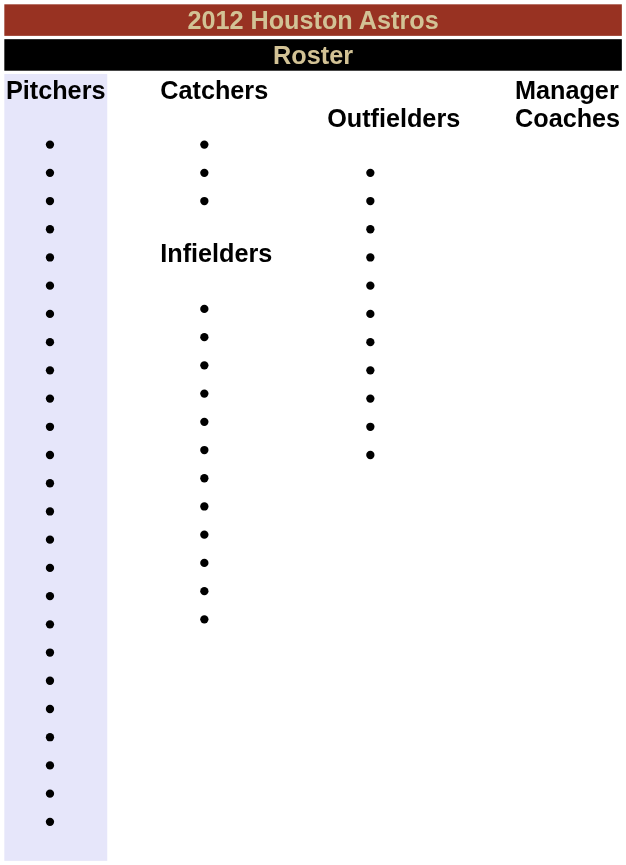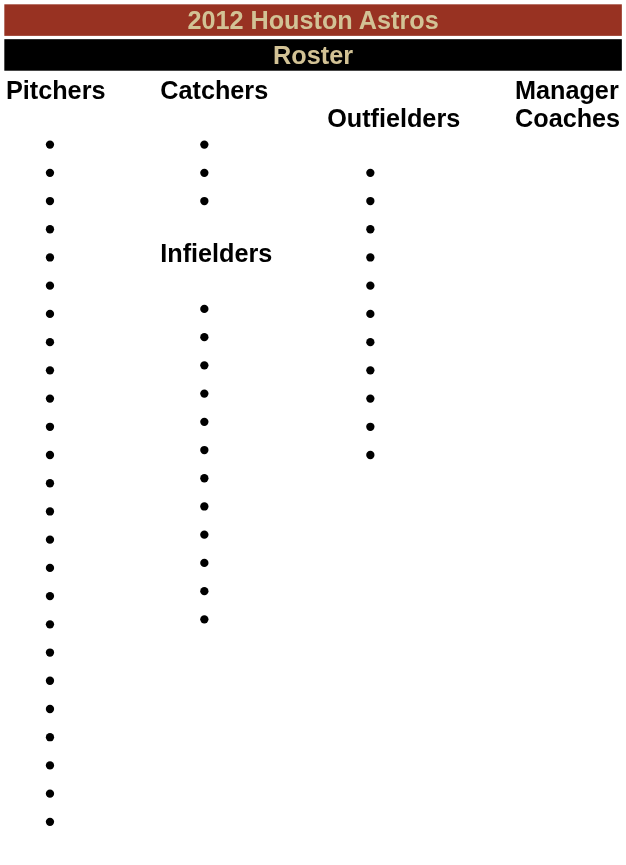 <table class="toccolours" style="font-size: 95%;">
 <tr>
 <th colspan="10" style="background:#983222; color:#d2c295; text-align:center;">2012 Houston Astros</th>
 </tr>
 <tr>
 <td colspan="10" style="background:#000; color:#d2c295; text-align:center;"><strong>Roster</strong></td>
 </tr>
 <tr>
-<td valign="top" style="background: lavender;"><strong>Pitchers</strong><br><ul><li></li><li></li><li></li><li></li><li></li><li></li><li></li><li></li><li></li><li></li><li></li><li></li><li></li><li></li><li></li><li></li><li></li><li></li><li></li><li></li><li></li><li></li><li></li><li></li><li></li></ul></td>
+<td valign="top"><strong>Pitchers</strong><br><ul><li></li><li></li><li></li><li></li><li></li><li></li><li></li><li></li><li></li><li></li><li></li><li></li><li></li><li></li><li></li><li></li><li></li><li></li><li></li><li></li><li></li><li></li><li></li><li></li><li></li></ul></td>
 <td style="width:25px;"></td>
 <td valign="top"><strong>Catchers</strong><br><ul><li></li><li></li><li></li></ul><strong>Infielders</strong><ul><li></li><li></li><li></li><li></li><li></li><li></li><li></li><li></li><li></li><li></li><li></li><li></li></ul></td>
 <td style="width:25px;"></td>
 <td valign="top"><br><strong>Outfielders</strong><ul><li></li><li></li><li></li><li></li><li></li><li></li><li></li><li></li><li></li><li></li><li></li></ul></td>
 <td style="width:25px;"></td>
 <td valign="top"><strong>Manager</strong><br>  <strong>Coaches</strong>                  </td>
 </tr>
 </table>
